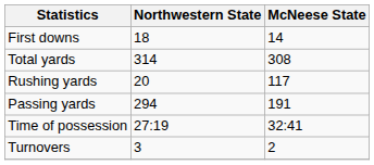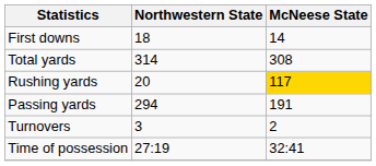 <table class="wikitable">
 <tr>
 <th>Statistics</th>
 <th>Northwestern State</th>
 <th>McNeese State</th>
 </tr>
 <tr>
 <td>First downs</td>
 <td>18</td>
 <td>14</td>
 </tr>
 <tr>
 <td>Total yards</td>
 <td>314</td>
 <td>308</td>
 </tr>
 <tr>
 <td>Rushing yards</td>
 <td>20</td>
-<td>117</td>
+<td style="background: gold;">117</td>
 </tr>
 <tr>
 <td>Passing yards</td>
 <td>294</td>
 <td>191</td>
 </tr>
 <tr>
+<td>Turnovers</td>
+<td>3</td>
+<td>2</td>
+</tr>
+<tr>
 <td>Time of possession</td>
 <td>27:19</td>
 <td>32:41</td>
 </tr>
 <tr>
-<td>Turnovers</td>
-<td>3</td>
-<td>2</td>
-</tr>
-<tr>
 </tr>
 </table>
